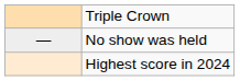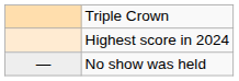 <table class="wikitable">
 <tr>
 <td width="75px" style="background:navajowhite; font-weight:old"></td>
 <td>Triple Crown</td>
 </tr>
 <tr>
+<td width="75px" style="background:#FFEBD2"></td>
+<td>Highest score in 2024</td>
+</tr>
+<tr>
 <td width="75px" style="background:#EEE; text-align:center">—</td>
 <td>No show was held</td>
 </tr>
-<tr>
-<td width="75px" style="background:#FFEBD2"></td>
-<td>Highest score in 2024</td>
-</tr>
 </table>
